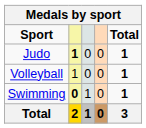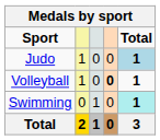 <table class="wikitable" style="font-size:85%; float:right;">
 <tr style="background:#efefef;">
 <th colspan=7>Medals by sport</th>
 </tr>
 <tr align=center>
 <td><strong>Sport</strong></td>
 <td bgcolor=#f7f6a8></td>
 <td bgcolor=#dce5e5></td>
 <td bgcolor=#ffdab9></td>
 <td><strong>Total</strong></td>
 </tr>
 <tr align=center>
 <td><a href='#'>Judo</a></td>
-<td style="background:#F7F6A8;"><strong>1</strong></td>
+<td style="background:#F7F6A8;">1</td>
 <td style="background:#DCE5E5;">0</td>
 <td style="background:#FFDAB9;">0</td>
-<td><strong>1</strong></td>
+<td style="background: lightblue;"><strong>1</strong></td>
 </tr>
 <tr align=center>
 <td><a href='#'>Volleyball</a></td>
 <td style="background:#F7F6A8;">1</td>
 <td style="background:#DCE5E5;">0</td>
-<td style="background:#FFDAB9;">0</td>
+<td style="background:#FFDAB9;"><strong>0</strong></td>
 <td><strong>1</strong></td>
 </tr>
 <tr align=center>
 <td><a href='#'>Swimming</a></td>
-<td style="background:#F7F6A8;"><strong>0</strong></td>
+<td style="background:#F7F6A8;">0</td>
 <td style="background:#DCE5E5;">1</td>
 <td style="background:#FFDAB9;">0</td>
-<td><strong>1</strong></td>
+<td style="background: paleturquoise;"><strong>1</strong></td>
 </tr>
 <tr align=center>
 <th>Total</th>
 <th style="background:gold;">2</th>
 <th style="background:silver;">1</th>
 <th style="background:#c96;">0</th>
 <th>3</th>
 </tr>
 </table>
